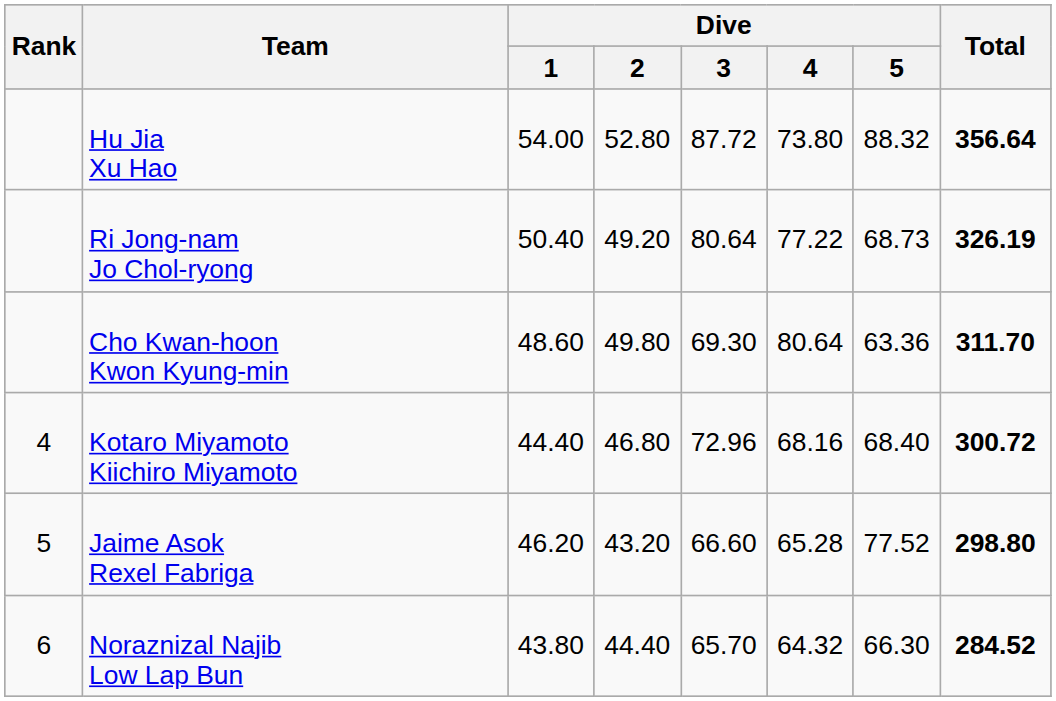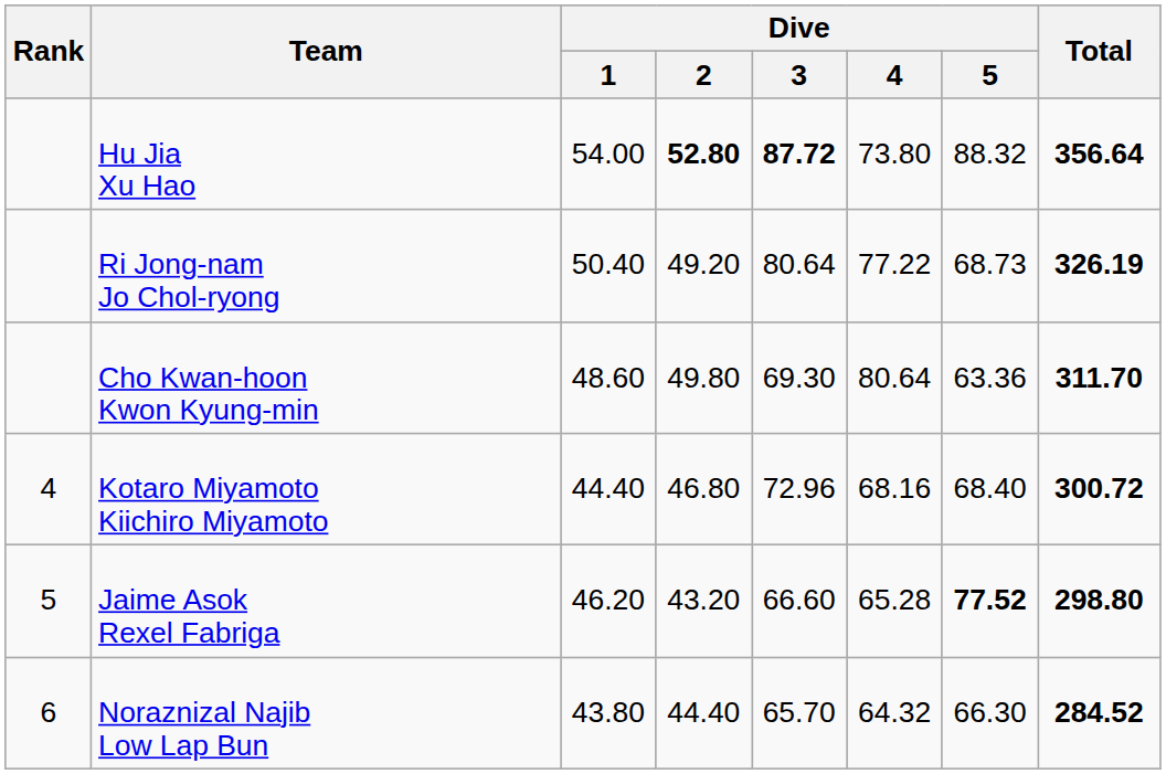 <table class=wikitable style="text-align:center">
 <tr>
 <th rowspan="2" width=40>Rank</th>
 <th rowspan="2" width=250>Team</th>
 <th colspan="5">Dive</th>
 <th rowspan="2" width=60>Total</th>
 </tr>
 <tr>
 <th width=45>1</th>
 <th width=45>2</th>
 <th width=45>3</th>
 <th width=45>4</th>
 <th width=45>5</th>
 </tr>
 <tr>
 <td></td>
 <td align=left><br><a href='#'>Hu Jia</a><br><a href='#'>Xu Hao</a></td>
 <td>54.00</td>
-<td>52.80</td>
-<td>87.72</td>
+<td><strong>52.80</strong></td>
+<td><strong>87.72</strong></td>
 <td>73.80</td>
 <td>88.32</td>
 <td><strong>356.64</strong></td>
 </tr>
 <tr>
 <td></td>
 <td align=left><br><a href='#'>Ri Jong-nam</a><br><a href='#'>Jo Chol-ryong</a></td>
 <td>50.40</td>
 <td>49.20</td>
 <td>80.64</td>
 <td>77.22</td>
 <td>68.73</td>
 <td><strong>326.19</strong></td>
 </tr>
 <tr>
 <td></td>
 <td align=left><br><a href='#'>Cho Kwan-hoon</a><br><a href='#'>Kwon Kyung-min</a></td>
 <td>48.60</td>
 <td>49.80</td>
 <td>69.30</td>
 <td>80.64</td>
 <td>63.36</td>
 <td><strong>311.70</strong></td>
 </tr>
 <tr>
 <td>4</td>
 <td align=left><br><a href='#'>Kotaro Miyamoto</a><br><a href='#'>Kiichiro Miyamoto</a></td>
 <td>44.40</td>
 <td>46.80</td>
 <td>72.96</td>
 <td>68.16</td>
 <td>68.40</td>
 <td><strong>300.72</strong></td>
 </tr>
 <tr>
 <td>5</td>
 <td align=left><br><a href='#'>Jaime Asok</a><br><a href='#'>Rexel Fabriga</a></td>
 <td>46.20</td>
 <td>43.20</td>
 <td>66.60</td>
 <td>65.28</td>
-<td>77.52</td>
+<td><strong>77.52</strong></td>
 <td><strong>298.80</strong></td>
 </tr>
 <tr>
 <td>6</td>
 <td align=left><br><a href='#'>Noraznizal Najib</a><br><a href='#'>Low Lap Bun</a></td>
 <td>43.80</td>
 <td>44.40</td>
 <td>65.70</td>
 <td>64.32</td>
 <td>66.30</td>
 <td><strong>284.52</strong></td>
 </tr>
 </table>
